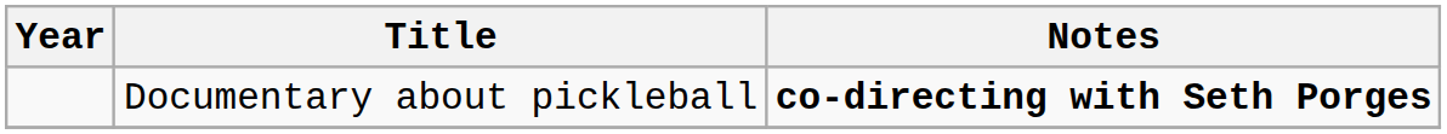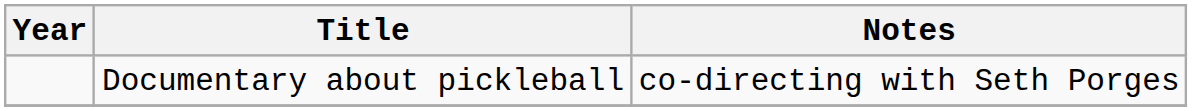 <table class="wikitable sortable">
 <tr>
 <th>Year</th>
 <th>Title</th>
 <th class="unsortable">Notes</th>
 </tr>
 <tr>
 <td></td>
 <td>Documentary about pickleball</td>
-<td><strong>co-directing with Seth Porges</strong></td>
+<td>co-directing with Seth Porges</td>
 </tr>
 <tr>
 </tr>
 </table>
